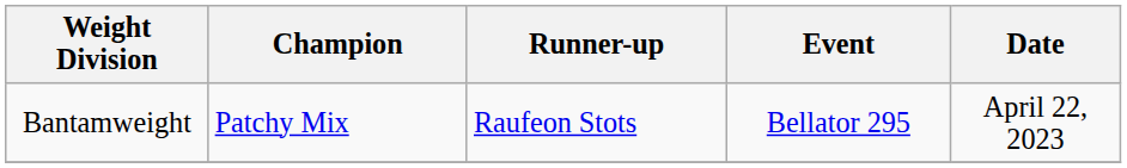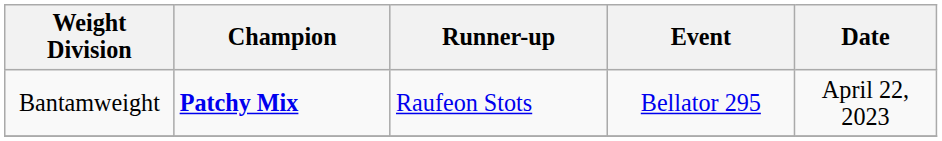 <table class="wikitable" width="99%" style="text-align:center;">
 <tr>
 <th width="18%">Weight Division</th>
 <th width="23%">Champion</th>
 <th width="23%">Runner-up</th>
 <th width="20%">Event</th>
 <th width="15%">Date</th>
 </tr>
 <tr>
 <td>Bantamweight</td>
-<td align=left> <a href='#'>Patchy Mix</a></td>
+<td align=left><strong> <a href='#'>Patchy Mix</a></strong></td>
 <td align=left> <a href='#'>Raufeon Stots</a></td>
 <td><a href='#'>Bellator 295</a></td>
 <td>April 22, 2023</td>
 </tr>
 <tr>
 </tr>
 </table>
